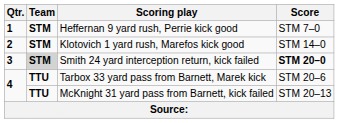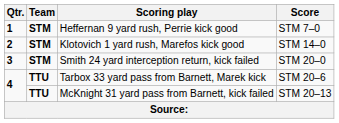 <table class="wikitable">
 <tr>
 <th>Qtr.</th>
 <th>Team</th>
 <th>Scoring play</th>
 <th>Score</th>
 </tr>
 <tr>
 <td><strong>1</strong></td>
 <td><strong>STM</strong></td>
 <td>Heffernan 9 yard rush, Perrie kick good</td>
 <td>STM 7–0</td>
 </tr>
 <tr>
 <td><strong>2</strong></td>
 <td><strong>STM</strong></td>
 <td>Klotovich 1 yard rush, Marefos kick good</td>
 <td>STM 14–0</td>
 </tr>
 <tr>
 <td><strong>3</strong></td>
-<td style="background: lightgrey;"><strong>STM</strong></td>
+<td><strong>STM</strong></td>
 <td>Smith 24 yard interception return, kick failed</td>
-<td><strong>STM 20–0</strong></td>
+<td>STM 20–0</td>
 </tr>
 <tr>
 <td rowspan=2><strong>4</strong></td>
 <td><strong>TTU</strong></td>
 <td>Tarbox 33 yard pass from Barnett, Marek kick</td>
 <td>STM 20–6</td>
 </tr>
 <tr>
 <td><strong>TTU</strong></td>
 <td>McKnight 31 yard pass from Barnett, kick failed</td>
 <td>STM 20–13</td>
 </tr>
 <tr>
 <th colspan=4>Source:</th>
 </tr>
 </table>
